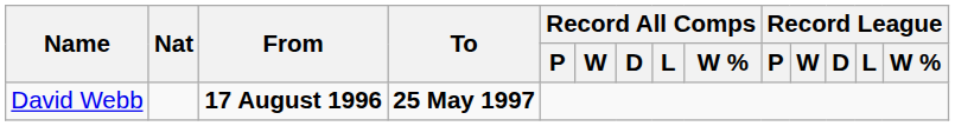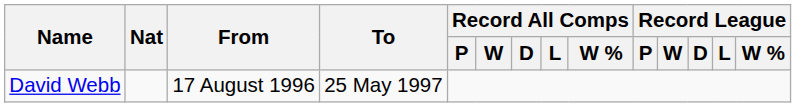 <table class="wikitable" style="text-align: center">
 <tr>
 <th rowspan="2">Name</th>
 <th rowspan="2">Nat</th>
 <th rowspan="2">From</th>
 <th rowspan="2">To</th>
 <th colspan="5">Record All Comps</th>
 <th colspan="5">Record League</th>
 </tr>
 <tr>
 <th>P</th>
 <th>W</th>
 <th>D</th>
 <th>L</th>
 <th>W %</th>
 <th>P</th>
 <th>W</th>
 <th>D</th>
 <th>L</th>
 <th>W %</th>
 </tr>
 <tr>
 <td style="text-align:left;"><a href='#'>David Webb</a></td>
 <td></td>
-<td style="text-align:left;"><strong>17 August 1996</strong></td>
-<td style="text-align:left;"><strong>25 May 1997<br> </strong></td>
+<td style="text-align:left;">17 August 1996</td>
+<td style="text-align:left;">25 May 1997<br> </td>
 </tr>
 </table>
